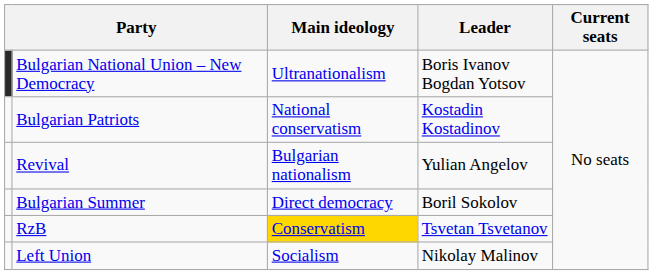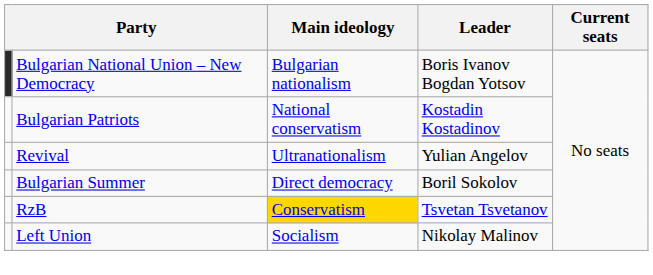 <table class="wikitable" style="text-align:left">
 <tr>
 <th colspan="2">Party</th>
 <th>Main ideology</th>
 <th>Leader</th>
 <th>Current seats</th>
 </tr>
 <tr>
 <td style="color:inherit;background:#292928;"></td>
 <td><a href='#'>Bulgarian National Union – New Democracy</a></td>
-<td><a href='#'>Ultranationalism</a></td>
+<td><a href='#'>Bulgarian nationalism</a></td>
 <td>Boris Ivanov<br>Bogdan Yotsov</td>
 <td rowspan="6" style="text-align:center;">No seats</td>
 </tr>
 <tr>
 <td style="color:inherit;background:"></td>
 <td><a href='#'>Bulgarian Patriots</a></td>
 <td><a href='#'>National conservatism</a></td>
 <td><a href='#'>Kostadin Kostadinov</a></td>
 </tr>
 <tr>
 <td style="color:inherit;background:"></td>
 <td><a href='#'>Revival</a></td>
-<td><a href='#'>Bulgarian nationalism</a></td>
+<td><a href='#'>Ultranationalism</a></td>
 <td>Yulian Angelov</td>
 </tr>
 <tr>
 <td style="color:inherit;background:"></td>
 <td><a href='#'>Bulgarian Summer</a></td>
 <td><a href='#'>Direct democracy</a></td>
 <td>Boril Sokolov</td>
 </tr>
 <tr>
 <td style="color:inherit;background:"></td>
 <td><a href='#'>RzB</a></td>
 <td style="background: gold;"><a href='#'>Conservatism</a></td>
 <td><a href='#'>Tsvetan Tsvetanov</a></td>
 </tr>
 <tr>
 <td style="color:inherit;background:"></td>
 <td><a href='#'>Left Union</a></td>
 <td><a href='#'>Socialism</a></td>
 <td>Nikolay Malinov</td>
 </tr>
 </table>
